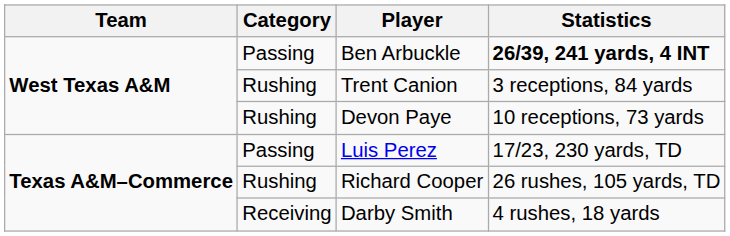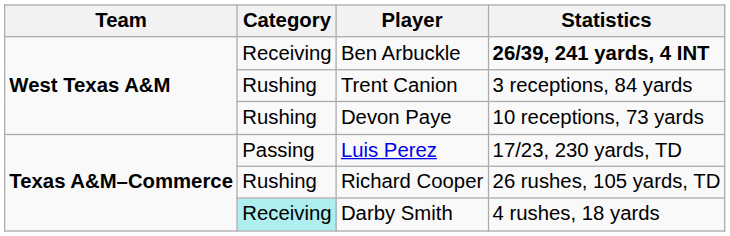 <table class="wikitable" style="float: left;">
 <tr>
 <th>Team</th>
 <th>Category</th>
 <th>Player</th>
 <th>Statistics</th>
 </tr>
 <tr>
 <td rowspan=3><strong>West Texas A&M</strong></td>
-<td>Passing</td>
+<td>Receiving</td>
 <td>Ben Arbuckle</td>
 <td><strong>26/39, 241 yards, 4 INT</strong></td>
 </tr>
 <tr>
 <td>Rushing</td>
 <td>Trent Canion</td>
 <td>3 receptions, 84 yards</td>
 </tr>
 <tr>
 <td>Rushing</td>
 <td>Devon Paye</td>
 <td>10 receptions, 73 yards</td>
 </tr>
 <tr>
 <td rowspan=3><strong>Texas A&M–Commerce</strong></td>
 <td>Passing</td>
 <td><a href='#'>Luis Perez</a></td>
 <td>17/23, 230 yards, TD</td>
 </tr>
 <tr>
 <td>Rushing</td>
 <td>Richard Cooper</td>
 <td>26 rushes, 105 yards, TD</td>
 </tr>
 <tr>
-<td>Receiving</td>
+<td style="background: paleturquoise;">Receiving</td>
 <td>Darby Smith</td>
 <td>4 rushes, 18 yards</td>
 </tr>
 </table>
